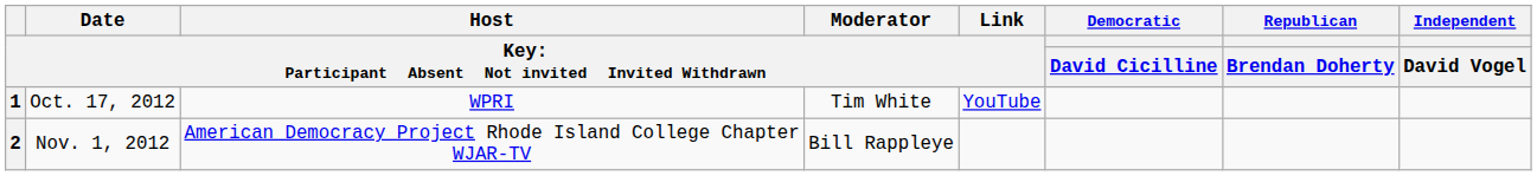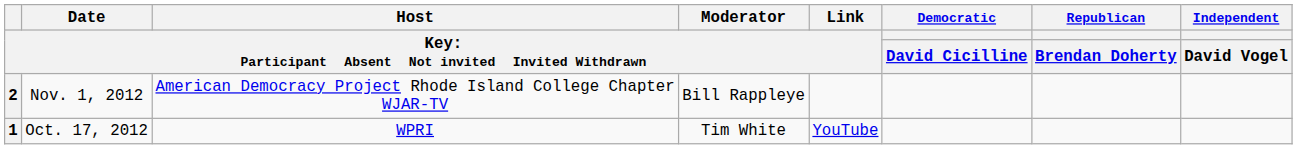 <table class="wikitable" style="text-align:center;">
 <tr>
 <th scope="col"></th>
 <th scope="col">Date</th>
 <th scope="col">Host</th>
 <th scope="col">Moderator</th>
 <th scope="col">Link</th>
 <th scope="col"><small><a href='#'>Democratic</a></small></th>
 <th scope="col"><small><a href='#'>Republican</a></small></th>
 <th scope="col"><small><a href='#'>Independent</a></small></th>
 </tr>
 <tr>
 <th colspan="5" rowspan="2">Key:<br> <small>Participant </small>  <small>Absent </small>  <small>Not invited </small>  <small>Invited  Withdrawn</small></th>
 <th scope="col" style="background:"></th>
 <th scope="col" style="background:"></th>
 <th scope="col" style="background:"></th>
 </tr>
 <tr>
 <th scope="col"><a href='#'>David Cicilline</a></th>
 <th scope="col"><a href='#'>Brendan Doherty</a></th>
 <th scope="col">David Vogel</th>
 </tr>
 <tr>
+<th>2</th>
+<td style="white-space:nowrap;">Nov. 1, 2012</td>
+<td style="white-space:nowrap;"><a href='#'>American Democracy Project</a> Rhode Island College Chapter<br><a href='#'>WJAR-TV</a></td>
+<td style="white-space:nowrap;">Bill Rappleye</td>
+<td style="white-space:nowrap;"></td>
+<td></td>
+<td></td>
+<td></td>
+</tr>
+<tr>
 <th>1</th>
 <td style="white-space:nowrap;">Oct. 17, 2012</td>
 <td style="white-space:nowrap;"><a href='#'>WPRI</a></td>
 <td style="white-space:nowrap;">Tim White</td>
 <td style="white-space:nowrap;"><a href='#'>YouTube</a></td>
 <td></td>
 <td></td>
 <td></td>
 </tr>
-<tr>
-<th>2</th>
-<td style="white-space:nowrap;">Nov. 1, 2012</td>
-<td style="white-space:nowrap;"><a href='#'>American Democracy Project</a> Rhode Island College Chapter<br><a href='#'>WJAR-TV</a></td>
-<td style="white-space:nowrap;">Bill Rappleye</td>
-<td style="white-space:nowrap;"></td>
-<td></td>
-<td></td>
-<td></td>
-</tr>
 </table>
